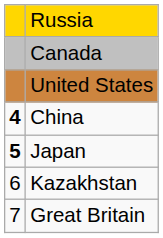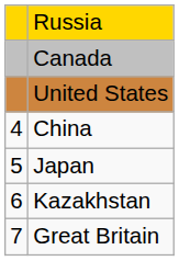 <table class="wikitable">
 <tr style="background:gold;">
 <td align=center></td>
 <td> Russia</td>
 </tr>
 <tr style="background:silver;">
 <td align=center></td>
 <td> Canada</td>
 </tr>
 <tr style="background:peru;">
 <td align=center></td>
 <td> United States</td>
 </tr>
 <tr>
-<td align=center><strong>4</strong></td>
+<td align=center>4</td>
 <td> China</td>
 </tr>
 <tr>
-<td align=center><strong>5</strong></td>
+<td align=center>5</td>
 <td> Japan</td>
 </tr>
 <tr>
 <td align=center>6</td>
 <td> Kazakhstan</td>
 </tr>
 <tr>
 <td align=center>7</td>
 <td> Great Britain</td>
 </tr>
 </table>
